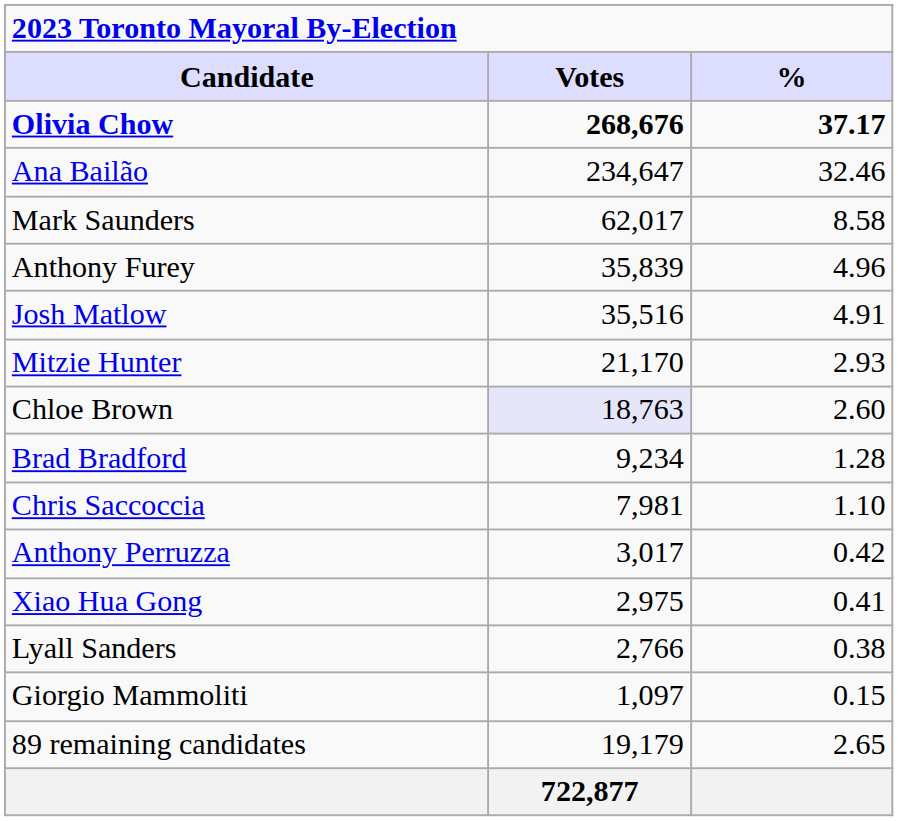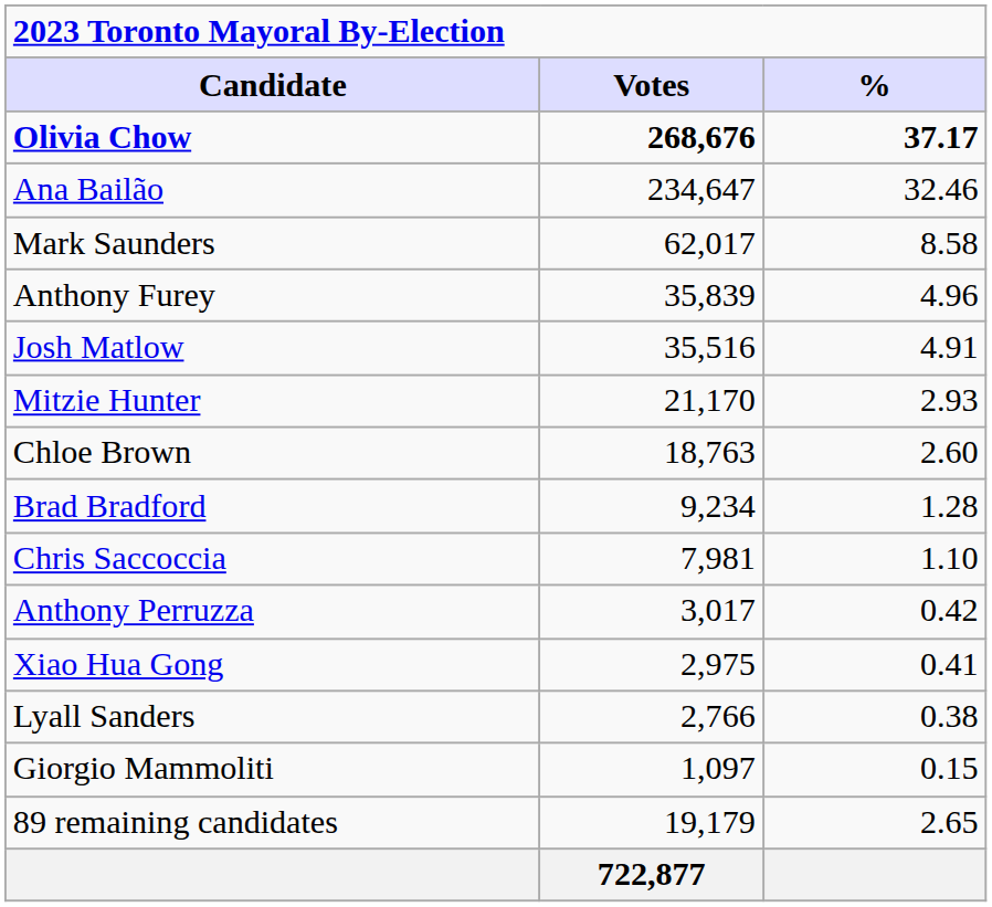 <table class="wikitable">
 <tr>
 <td colspan="3"><strong><a href='#'>2023 Toronto Mayoral By-Election</a></strong></td>
 </tr>
 <tr>
 <th style="background:#ddf; width:250px;">Candidate</th>
 <th style="background:#ddf; width:100px;">Votes</th>
 <th style="background:#ddf; width:100px;">%</th>
 </tr>
 <tr>
 <td><strong><a href='#'>Olivia Chow</a></strong></td>
 <td ! align="right"><strong>268,676</strong></td>
 <td ! align="right"><strong>37.17</strong></td>
 </tr>
 <tr>
 <td><a href='#'>Ana Bailão</a></td>
 <td ! align="right">234,647</td>
 <td ! align="right">32.46</td>
 </tr>
 <tr>
 <td>Mark Saunders</td>
 <td ! align="right">62,017</td>
 <td ! align="right">8.58</td>
 </tr>
 <tr>
 <td>Anthony Furey</td>
 <td ! align="right">35,839</td>
 <td ! align="right">4.96</td>
 </tr>
 <tr>
 <td><a href='#'>Josh Matlow</a></td>
 <td ! align="right">35,516</td>
 <td ! align="right">4.91</td>
 </tr>
 <tr>
 <td><a href='#'>Mitzie Hunter</a></td>
 <td ! align="right">21,170</td>
 <td ! align="right">2.93</td>
 </tr>
 <tr>
 <td>Chloe Brown</td>
-<td ! align="right" style="background: lavender;">18,763</td>
+<td ! align="right">18,763</td>
 <td ! align="right">2.60</td>
 </tr>
 <tr>
 <td><a href='#'>Brad Bradford</a></td>
 <td ! align="right">9,234</td>
 <td ! align="right">1.28</td>
 </tr>
 <tr>
 <td><a href='#'>Chris Saccoccia</a></td>
 <td ! align="right">7,981</td>
 <td ! align="right">1.10</td>
 </tr>
 <tr>
 <td><a href='#'>Anthony Perruzza</a></td>
 <td ! align="right">3,017</td>
 <td ! align="right">0.42</td>
 </tr>
 <tr>
 <td><a href='#'>Xiao Hua Gong</a></td>
 <td ! align="right">2,975</td>
 <td ! align="right">0.41</td>
 </tr>
 <tr>
 <td>Lyall Sanders</td>
 <td ! align="right">2,766</td>
 <td ! align="right">0.38</td>
 </tr>
 <tr>
 <td>Giorgio Mammoliti</td>
 <td ! align="right">1,097</td>
 <td ! align="right">0.15</td>
 </tr>
 <tr>
 <td>89 remaining candidates</td>
 <td ! align="right">19,179</td>
 <td ! align="right">2.65</td>
 </tr>
 <tr>
 <th scope="row"></th>
 <th align="right">722,877</th>
 <th align="right"></th>
 </tr>
 </table>
